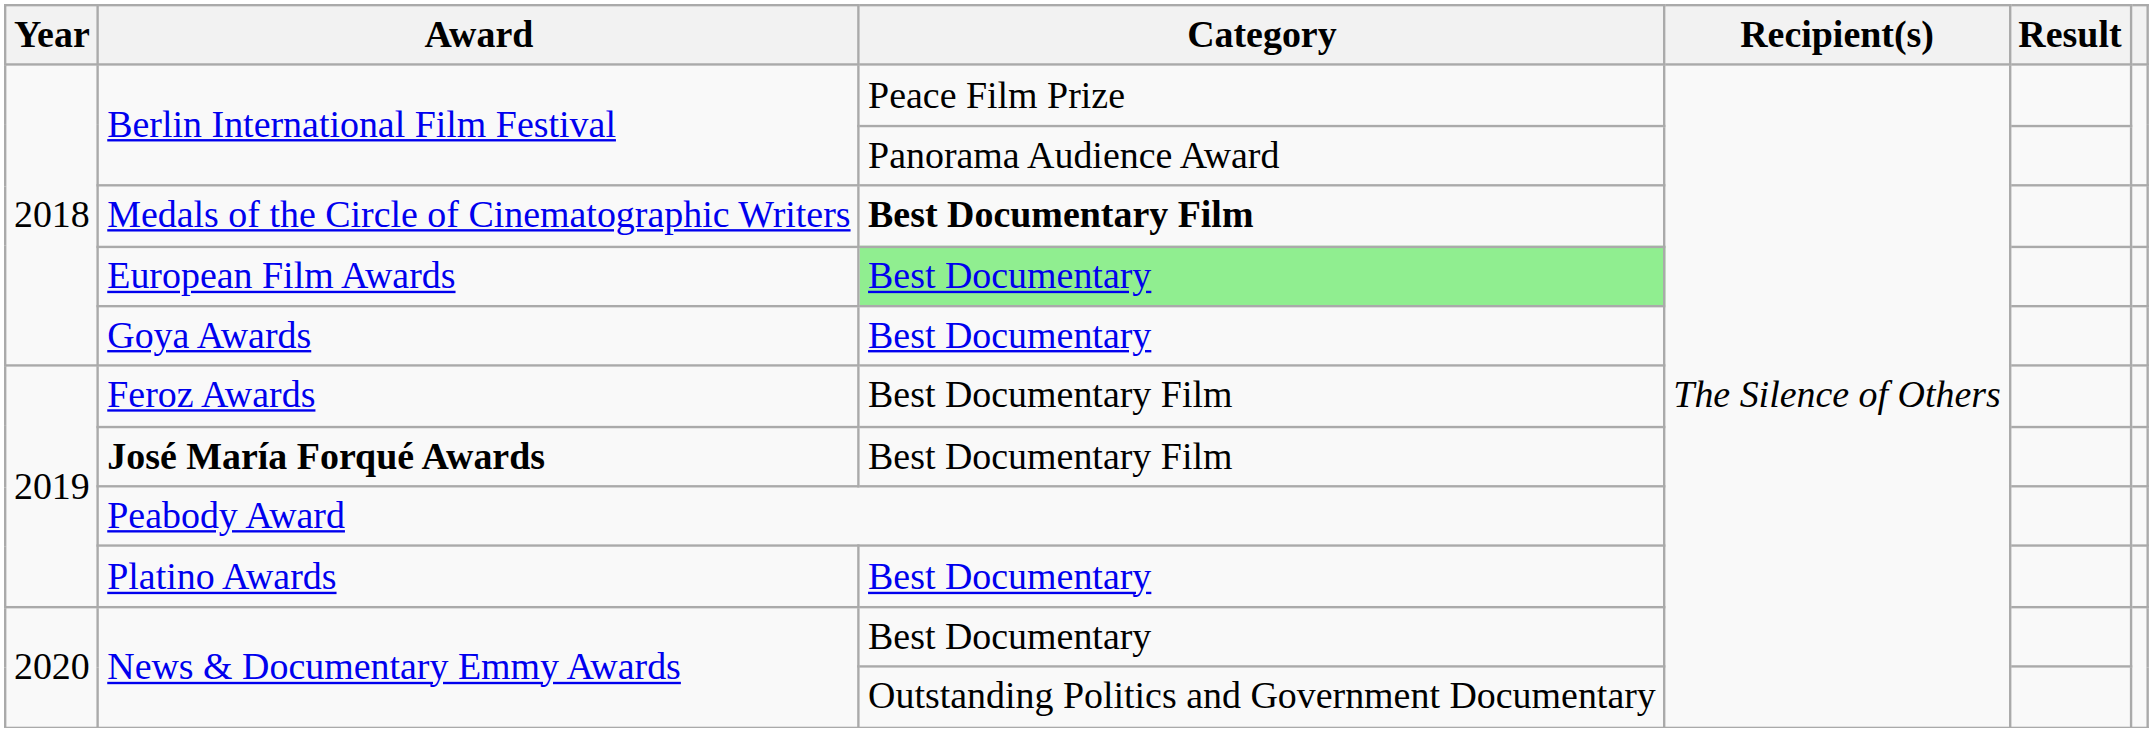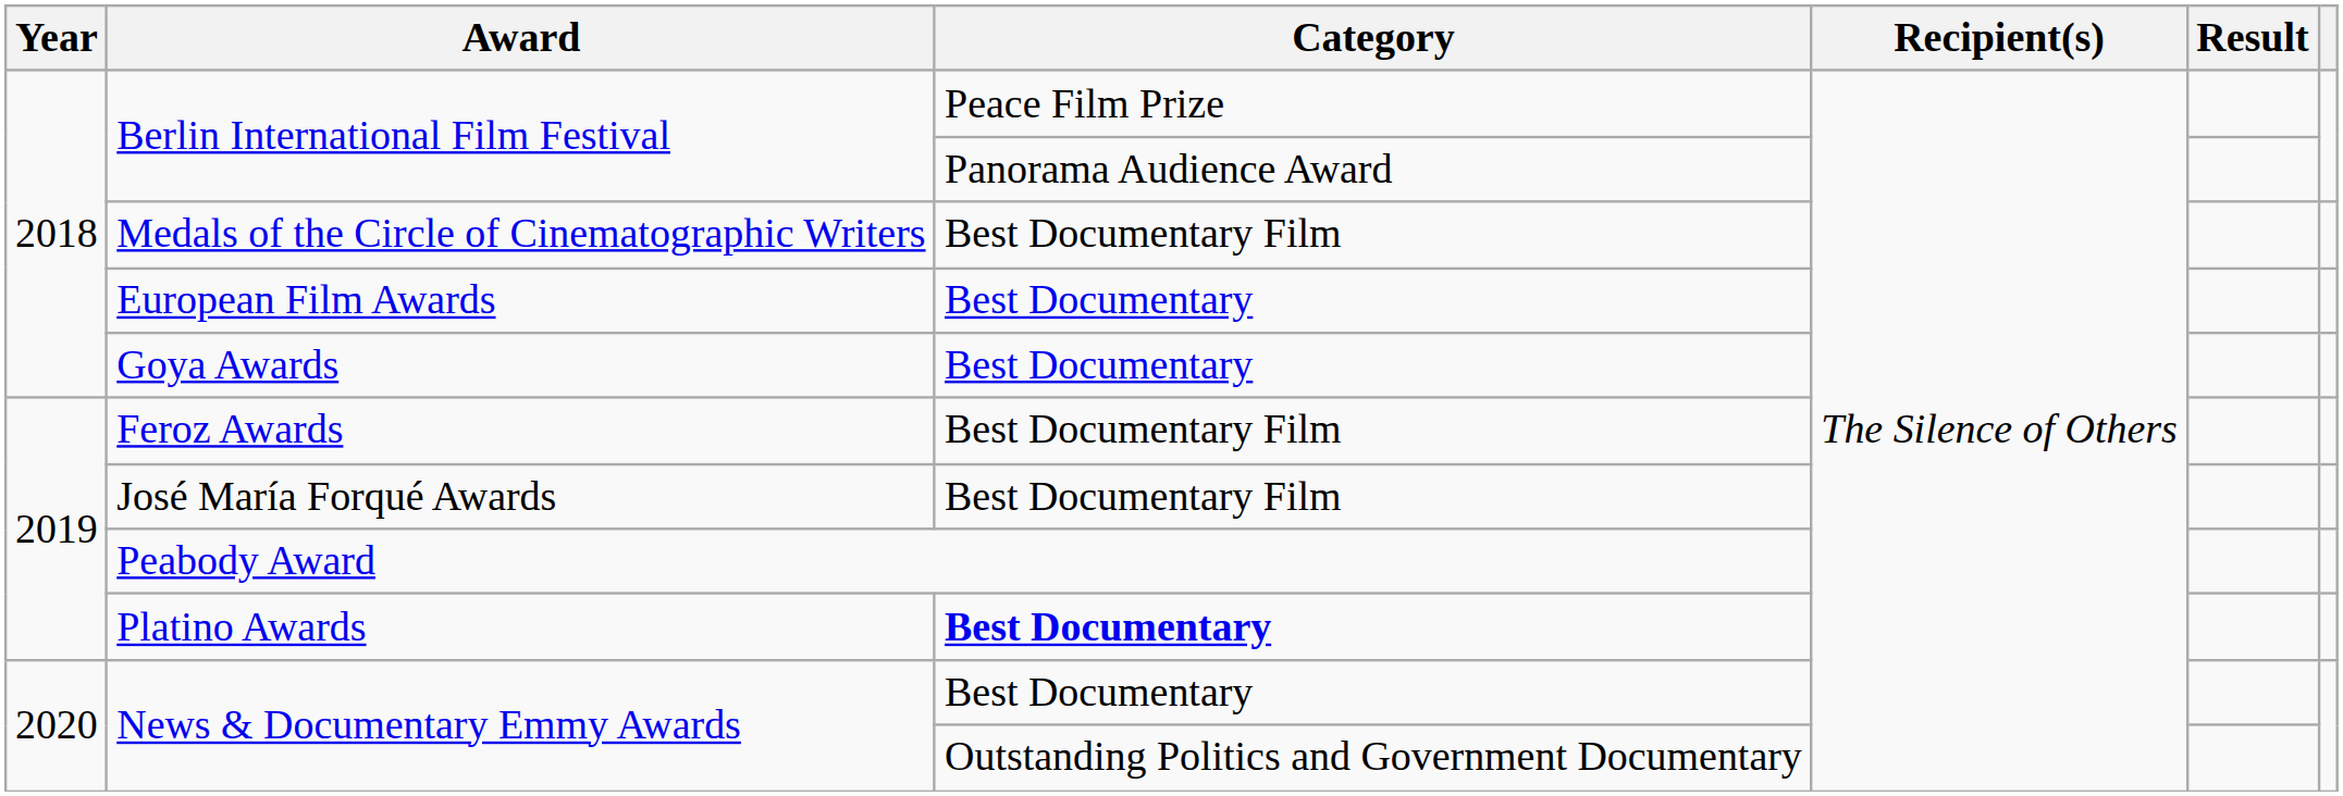 <table class="wikitable sortable plainrowheaders">
 <tr>
 <th scope="col">Year</th>
 <th scope="col">Award</th>
 <th scope="col">Category</th>
 <th scope="col">Recipient(s)</th>
 <th scope="col">Result</th>
 <th scope="col" class="unsortable"></th>
 </tr>
 <tr>
 <td rowspan="5">2018</td>
 <td rowspan="2"><a href='#'>Berlin International Film Festival</a></td>
 <td>Peace Film Prize</td>
 <td rowspan="11"><em>The Silence of Others</em></td>
 <td></td>
 <td rowspan="2"></td>
 </tr>
 <tr>
 <td>Panorama Audience Award</td>
 <td></td>
 </tr>
 <tr>
 <td><a href='#'>Medals of the Circle of Cinematographic Writers</a></td>
-<td><strong>Best Documentary Film</strong></td>
+<td>Best Documentary Film</td>
 <td></td>
 <td></td>
 </tr>
 <tr>
 <td><a href='#'>European Film Awards</a></td>
-<td style="background: lightgreen;"><a href='#'>Best Documentary</a></td>
+<td><a href='#'>Best Documentary</a></td>
 <td></td>
 <td></td>
 </tr>
 <tr>
 <td><a href='#'>Goya Awards</a></td>
 <td><a href='#'>Best Documentary</a></td>
 <td></td>
 <td></td>
 </tr>
 <tr>
 <td rowspan="4">2019</td>
 <td><a href='#'>Feroz Awards</a></td>
 <td>Best Documentary Film</td>
 <td></td>
 <td></td>
 </tr>
 <tr>
-<td><strong>José María Forqué Awards</strong></td>
+<td>José María Forqué Awards</td>
 <td>Best Documentary Film</td>
 <td></td>
 <td></td>
 </tr>
 <tr>
 <td colspan="2"><a href='#'>Peabody Award</a></td>
 <td></td>
 <td></td>
 </tr>
 <tr>
 <td><a href='#'>Platino Awards</a></td>
-<td><a href='#'>Best Documentary</a></td>
+<td><strong><a href='#'>Best Documentary</a></strong></td>
 <td></td>
 <td></td>
 </tr>
 <tr>
 <td rowspan="2">2020</td>
 <td rowspan="2"><a href='#'>News & Documentary Emmy Awards</a></td>
 <td>Best Documentary</td>
 <td></td>
 <td rowspan="2"></td>
 </tr>
 <tr>
 <td>Outstanding Politics and Government Documentary</td>
 <td></td>
 </tr>
 <tr>
 </tr>
 </table>
